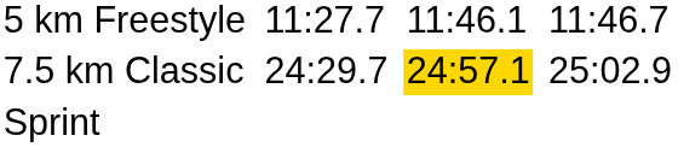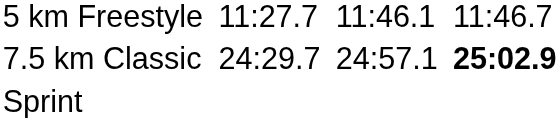 <table>
 <tr>
 <td>5 km Freestyle</td>
 <td></td>
 <td>11:27.7</td>
 <td></td>
 <td>11:46.1</td>
 <td></td>
 <td>11:46.7</td>
 </tr>
 <tr>
 <td>7.5 km Classic</td>
 <td></td>
 <td>24:29.7</td>
 <td></td>
-<td style="background: gold;">24:57.1</td>
+<td>24:57.1</td>
 <td></td>
-<td>25:02.9</td>
+<td><strong>25:02.9</strong></td>
 </tr>
 <tr>
 <td>Sprint</td>
 <td colspan="2"></td>
 <td colspan="2"></td>
 <td colspan="2"></td>
 </tr>
 </table>
